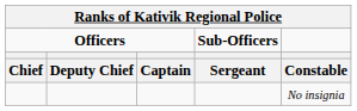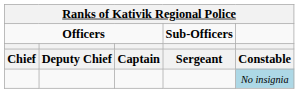 <table class="wikitable">
 <tr>
 <th colspan="9"><u>Ranks of Kativik Regional Police</u></th>
 </tr>
 <tr>
 <td colspan=3 style="text-align:center;"><strong>Officers</strong></td>
 <td><strong>Sub-Officers</strong></td>
 <td></td>
 </tr>
 <tr>
 <th></th>
 <th></th>
 <th></th>
 <th></th>
 <th></th>
 </tr>
 <tr>
 <th>Chief</th>
 <th>Deputy Chief</th>
 <th>Captain</th>
 <th>Sergeant</th>
 <th>Constable</th>
 </tr>
 <tr style="text-align:center;">
 <td></td>
 <td></td>
 <td></td>
 <td></td>
-<td><small><em>No insignia</em></small></td>
+<td style="background: lightblue;"><small><em>No insignia</em></small></td>
 </tr>
 </table>
